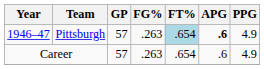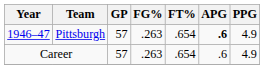 <table class="wikitable sortable" style="font-size:95%; text-align:right;">
 <tr>
 <th>Year</th>
 <th>Team</th>
 <th>GP</th>
 <th>FG%</th>
 <th>FT%</th>
 <th>APG</th>
 <th>PPG</th>
 </tr>
 <tr>
 <td style="text-align:left;"><a href='#'>1946–47</a></td>
 <td style="text-align:left;"><a href='#'>Pittsburgh</a></td>
 <td>57</td>
 <td>.263</td>
-<td style="background: lightblue;">.654</td>
+<td>.654</td>
 <td><strong>.6</strong></td>
 <td>4.9</td>
 </tr>
 <tr>
 <td style="text-align:center;" colspan="2">Career</td>
 <td>57</td>
 <td>.263</td>
 <td>.654</td>
 <td>.6</td>
 <td>4.9</td>
 </tr>
 <tr>
 </tr>
 </table>
